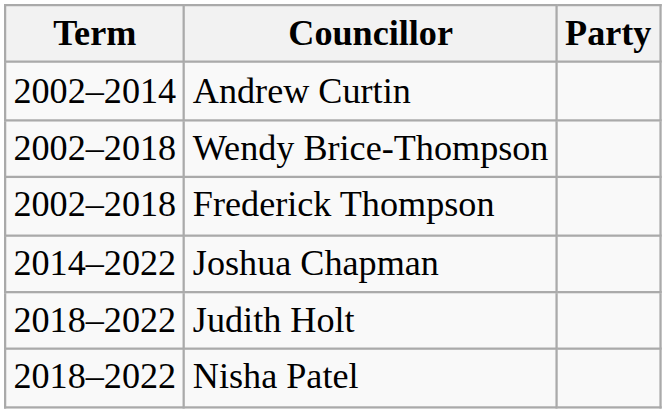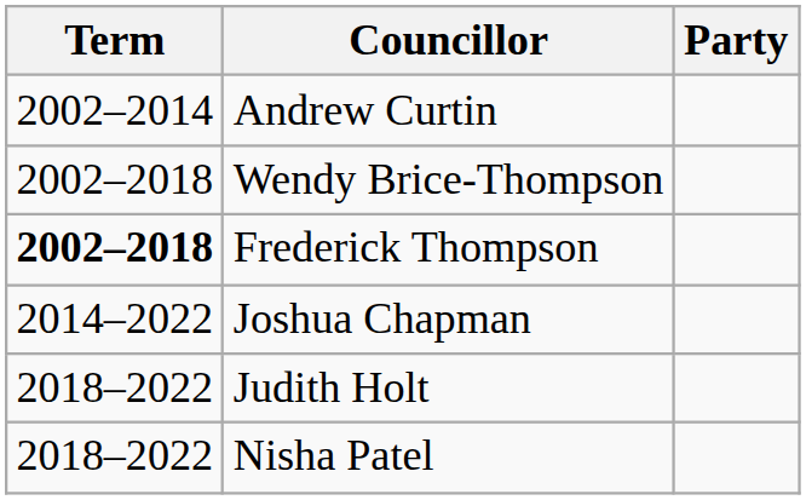 <table class="wikitable">
 <tr>
 <th>Term</th>
 <th>Councillor</th>
 <th colspan=2>Party</th>
 </tr>
 <tr>
 <td>2002–2014</td>
 <td>Andrew Curtin</td>
 <td></td>
 </tr>
 <tr>
 <td>2002–2018</td>
 <td>Wendy Brice-Thompson</td>
 <td></td>
 </tr>
 <tr>
-<td>2002–2018</td>
+<td><strong>2002–2018</strong></td>
 <td>Frederick Thompson</td>
 <td></td>
 </tr>
 <tr>
 <td>2014–2022</td>
 <td>Joshua Chapman</td>
 <td></td>
 </tr>
 <tr>
 <td>2018–2022</td>
 <td>Judith Holt</td>
 <td></td>
 </tr>
 <tr>
 <td>2018–2022</td>
 <td>Nisha Patel</td>
 <td></td>
 </tr>
 </table>
